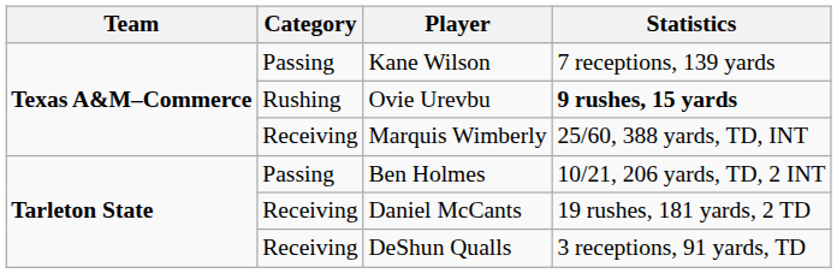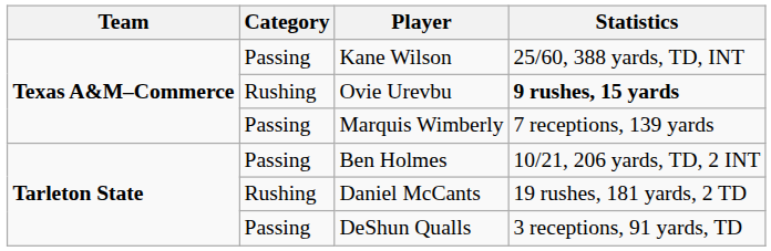 <table class="wikitable" style="float: right;">
 <tr>
 <th>Team</th>
 <th>Category</th>
 <th>Player</th>
 <th>Statistics</th>
 </tr>
 <tr>
 <td rowspan=3><strong>Texas A&M–Commerce</strong></td>
 <td>Passing</td>
 <td>Kane Wilson</td>
-<td>7 receptions, 139 yards</td>
+<td>25/60, 388 yards, TD, INT</td>
 </tr>
 <tr>
 <td>Rushing</td>
 <td>Ovie Urevbu</td>
 <td><strong>9 rushes, 15 yards</strong></td>
 </tr>
 <tr>
-<td>Receiving</td>
+<td>Passing</td>
 <td>Marquis Wimberly</td>
-<td>25/60, 388 yards, TD, INT</td>
+<td>7 receptions, 139 yards</td>
 </tr>
 <tr>
 <td rowspan=3><strong>Tarleton State</strong></td>
 <td>Passing</td>
 <td>Ben Holmes</td>
 <td>10/21, 206 yards, TD, 2 INT</td>
 </tr>
 <tr>
-<td>Receiving</td>
+<td>Rushing</td>
 <td>Daniel McCants</td>
 <td>19 rushes, 181 yards, 2 TD</td>
 </tr>
 <tr>
-<td>Receiving</td>
+<td>Passing</td>
 <td>DeShun Qualls</td>
 <td>3 receptions, 91 yards, TD</td>
 </tr>
 </table>
